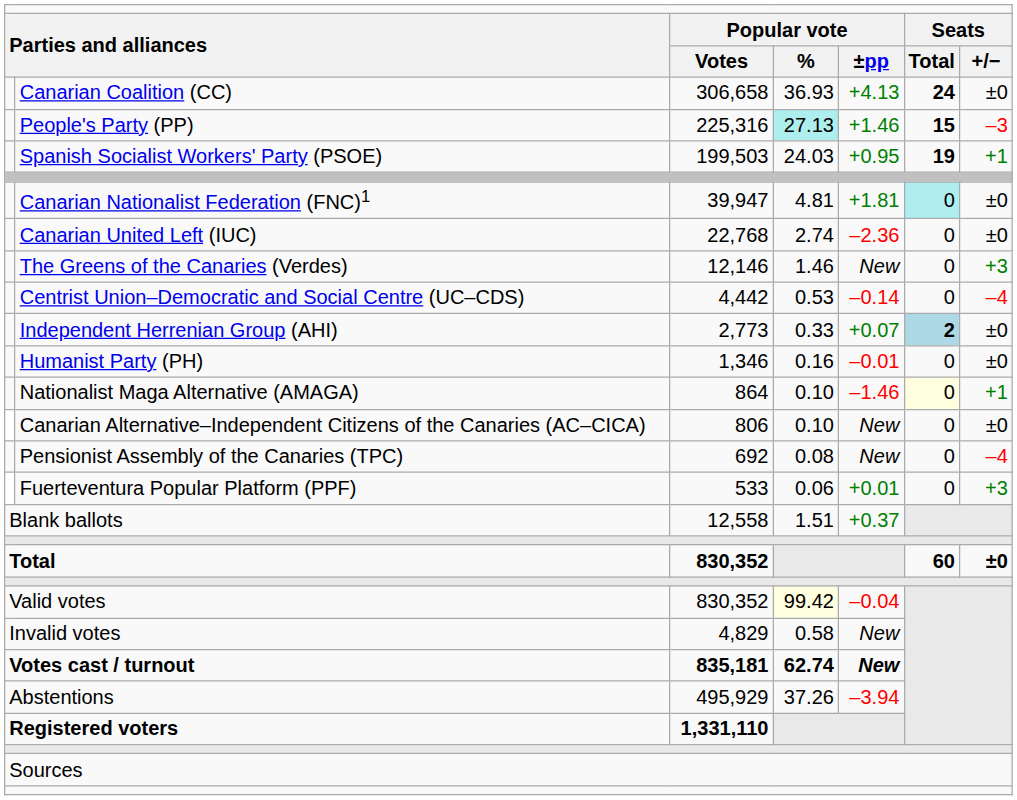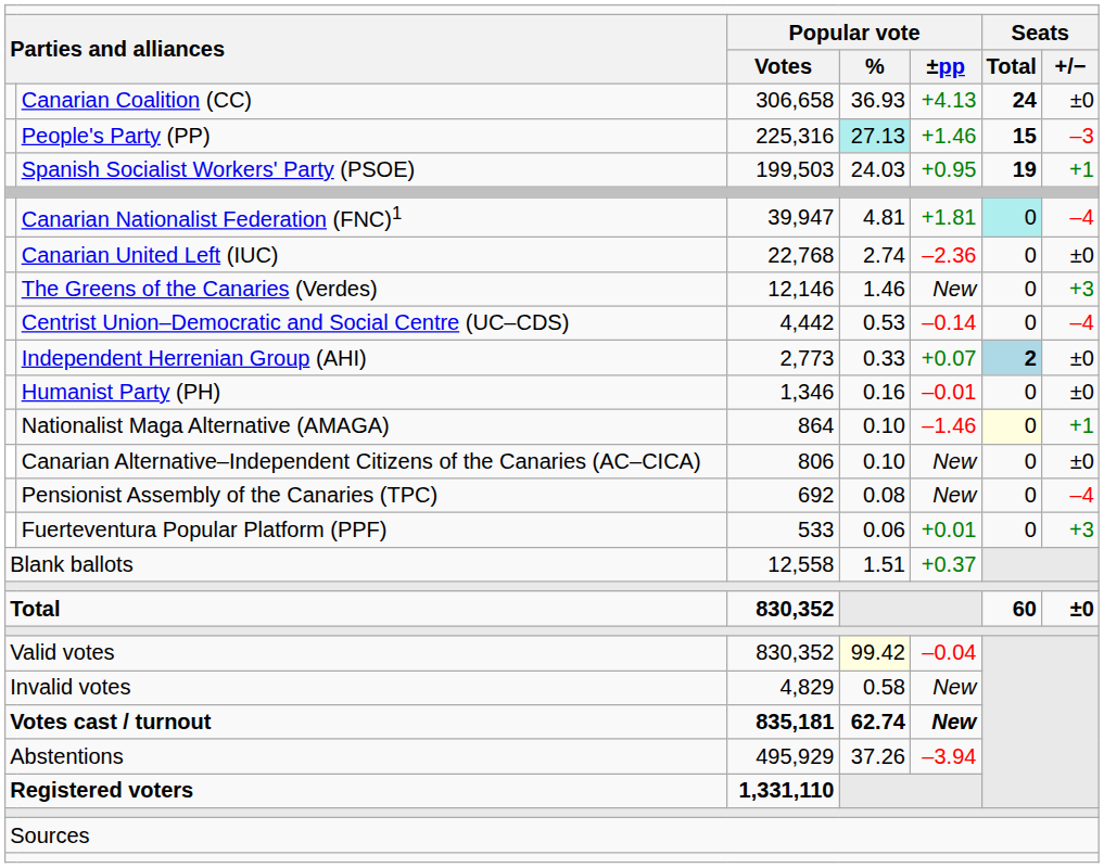 <table class="wikitable" style="text-align:right;">
 <tr>
 <td colspan="7"></td>
 </tr>
 <tr>
 <th style="text-align:left;" rowspan="2" colspan="2" width="525">Parties and alliances</th>
 <th colspan="3">Popular vote</th>
 <th colspan="2">Seats</th>
 </tr>
 <tr>
 <th width="75">Votes</th>
 <th width="45">%</th>
 <th width="45">±<a href='#'>pp</a></th>
 <th width="35">Total</th>
 <th width="35">+/−</th>
 </tr>
 <tr>
 <td width="1" style="color:inherit;background:"></td>
 <td align="left"><a href='#'>Canarian Coalition</a> (CC)</td>
 <td>306,658</td>
 <td>36.93</td>
 <td style="color:green;">+4.13</td>
 <td><strong>24</strong></td>
 <td>±0</td>
 </tr>
 <tr>
 <td style="color:inherit;background:"></td>
 <td align="left"><a href='#'>People's Party</a> (PP)</td>
 <td>225,316</td>
 <td style="background: paleturquoise;">27.13</td>
 <td style="color:green;">+1.46</td>
 <td><strong>15</strong></td>
 <td style="color:red;">–3</td>
 </tr>
 <tr>
 <td style="color:inherit;background:"></td>
 <td align="left"><a href='#'>Spanish Socialist Workers' Party</a> (PSOE)</td>
 <td>199,503</td>
 <td>24.03</td>
 <td style="color:green;">+0.95</td>
 <td><strong>19</strong></td>
 <td style="color:green;">+1</td>
 </tr>
 <tr>
 <td colspan="7" bgcolor="#C0C0C0"></td>
 </tr>
 <tr>
 <td style="color:inherit;background:"></td>
 <td align="left"><a href='#'>Canarian Nationalist Federation</a> (FNC)<sup>1</sup></td>
 <td>39,947</td>
 <td>4.81</td>
 <td style="color:green;">+1.81</td>
 <td style="background: paleturquoise;">0</td>
-<td>±0</td>
+<td style="color:red;">–4</td>
 </tr>
 <tr>
 <td style="color:inherit;background:"></td>
 <td align="left"><a href='#'>Canarian United Left</a> (IUC)</td>
 <td>22,768</td>
 <td>2.74</td>
 <td style="color:red;">–2.36</td>
 <td>0</td>
 <td>±0</td>
 </tr>
 <tr>
 <td style="color:inherit;background:"></td>
 <td align="left"><a href='#'>The Greens of the Canaries</a> (Verdes)</td>
 <td>12,146</td>
 <td>1.46</td>
 <td><em>New</em></td>
 <td>0</td>
 <td style="color:green;">+3</td>
 </tr>
 <tr>
 <td style="color:inherit;background:"></td>
 <td align="left"><a href='#'>Centrist Union–Democratic and Social Centre</a> (UC–CDS)</td>
 <td>4,442</td>
 <td>0.53</td>
 <td style="color:red;">–0.14</td>
 <td>0</td>
 <td style="color:red;">–4</td>
 </tr>
 <tr>
 <td style="color:inherit;background:"></td>
 <td align="left"><a href='#'>Independent Herrenian Group</a> (AHI)</td>
 <td>2,773</td>
 <td>0.33</td>
 <td style="color:green;">+0.07</td>
 <td style="background: lightblue;"><strong>2</strong></td>
 <td>±0</td>
 </tr>
 <tr>
 <td style="color:inherit;background:"></td>
 <td align="left"><a href='#'>Humanist Party</a> (PH)</td>
 <td>1,346</td>
 <td>0.16</td>
 <td style="color:red;">–0.01</td>
 <td>0</td>
 <td>±0</td>
 </tr>
 <tr>
 <td style="color:inherit;background:"></td>
 <td align="left">Nationalist Maga Alternative (AMAGA)</td>
 <td>864</td>
 <td>0.10</td>
 <td style="color:red;">–1.46</td>
 <td style="background: lightyellow;">0</td>
 <td style="color:green;">+1</td>
 </tr>
 <tr>
 <td bgcolor="white"></td>
 <td align="left">Canarian Alternative–Independent Citizens of the Canaries (AC–CICA)</td>
 <td>806</td>
 <td>0.10</td>
 <td><em>New</em></td>
 <td>0</td>
 <td>±0</td>
 </tr>
 <tr>
 <td style="color:inherit;background:"></td>
 <td align="left">Pensionist Assembly of the Canaries (TPC)</td>
 <td>692</td>
 <td>0.08</td>
 <td><em>New</em></td>
 <td>0</td>
 <td style="color:red;">–4</td>
 </tr>
 <tr>
 <td bgcolor="white"></td>
 <td align="left">Fuerteventura Popular Platform (PPF)</td>
 <td>533</td>
 <td>0.06</td>
 <td style="color:green;">+0.01</td>
 <td>0</td>
 <td style="color:green;">+3</td>
 </tr>
 <tr>
 <td align="left" colspan="2">Blank ballots</td>
 <td>12,558</td>
 <td>1.51</td>
 <td style="color:green;">+0.37</td>
 <td bgcolor="#E9E9E9" colspan="2"></td>
 </tr>
 <tr>
 <td colspan="7" bgcolor="#E9E9E9"></td>
 </tr>
 <tr style="font-weight:bold;">
 <td align="left" colspan="2">Total</td>
 <td>830,352</td>
 <td bgcolor="#E9E9E9" colspan="2"></td>
 <td>60</td>
 <td>±0</td>
 </tr>
 <tr>
 <td colspan="7" bgcolor="#E9E9E9"></td>
 </tr>
 <tr>
 <td align="left" colspan="2">Valid votes</td>
 <td>830,352</td>
 <td style="background: lightyellow;">99.42</td>
 <td style="color:red;">–0.04</td>
 <td bgcolor="#E9E9E9" colspan="2" rowspan="5"></td>
 </tr>
 <tr>
 <td align="left" colspan="2">Invalid votes</td>
 <td>4,829</td>
 <td>0.58</td>
 <td><em>New</em></td>
 </tr>
 <tr style="font-weight:bold;">
 <td align="left" colspan="2">Votes cast / turnout</td>
 <td>835,181</td>
 <td>62.74</td>
 <td><em>New</em></td>
 </tr>
 <tr>
 <td align="left" colspan="2">Abstentions</td>
 <td>495,929</td>
 <td>37.26</td>
 <td style="color:red;">–3.94</td>
 </tr>
 <tr style="font-weight:bold;">
 <td align="left" colspan="2">Registered voters</td>
 <td>1,331,110</td>
 <td bgcolor="#E9E9E9" colspan="2"></td>
 </tr>
 <tr>
 <td colspan="7" bgcolor="#E9E9E9"></td>
 </tr>
 <tr>
 <td align="left" colspan="7">Sources</td>
 </tr>
 <tr>
 <td colspan="7" style="text-align:left; max-width:790px;"></td>
 </tr>
 </table>
